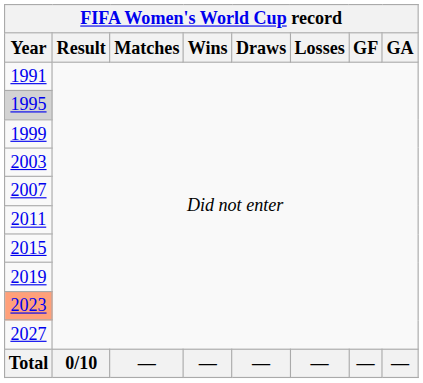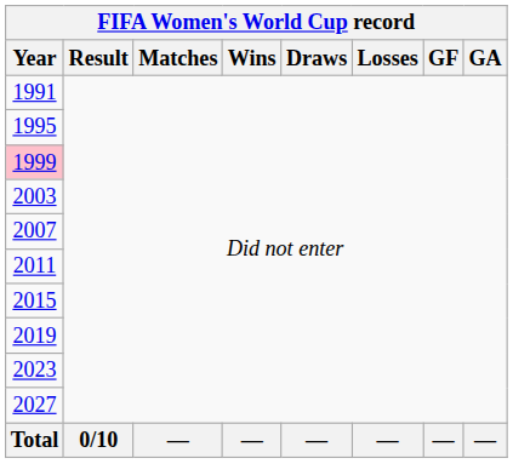 <table class="wikitable" style="text-align: center;">
 <tr>
 <th colspan="8"><a href='#'>FIFA Women's World Cup</a> record</th>
 </tr>
 <tr>
 <th>Year</th>
 <th>Result</th>
 <th>Matches</th>
 <th>Wins</th>
 <th>Draws</th>
 <th>Losses</th>
 <th>GF</th>
 <th>GA</th>
 </tr>
 <tr>
 <td> <a href='#'>1991</a></td>
 <td rowspan=10 colspan=8><em>Did not enter</em></td>
 </tr>
 <tr>
-<td style="background: lightgrey;"> <a href='#'>1995</a></td>
+<td> <a href='#'>1995</a></td>
 </tr>
 <tr>
-<td> <a href='#'>1999</a></td>
+<td style="background: pink;"> <a href='#'>1999</a></td>
 </tr>
 <tr>
 <td> <a href='#'>2003</a></td>
 </tr>
 <tr>
 <td> <a href='#'>2007</a></td>
 </tr>
 <tr>
 <td> <a href='#'>2011</a></td>
 </tr>
 <tr>
 <td> <a href='#'>2015</a></td>
 </tr>
 <tr>
 <td> <a href='#'>2019</a></td>
 </tr>
 <tr>
-<td style="background: lightsalmon;"> <a href='#'>2023</a></td>
+<td> <a href='#'>2023</a></td>
 </tr>
 <tr>
 <td> <a href='#'>2027</a></td>
 </tr>
 <tr>
 <th><strong>Total</strong></th>
 <th>0/10</th>
 <th>—</th>
 <th>—</th>
 <th>—</th>
 <th>—</th>
 <th>—</th>
 <th>—</th>
 </tr>
 </table>
